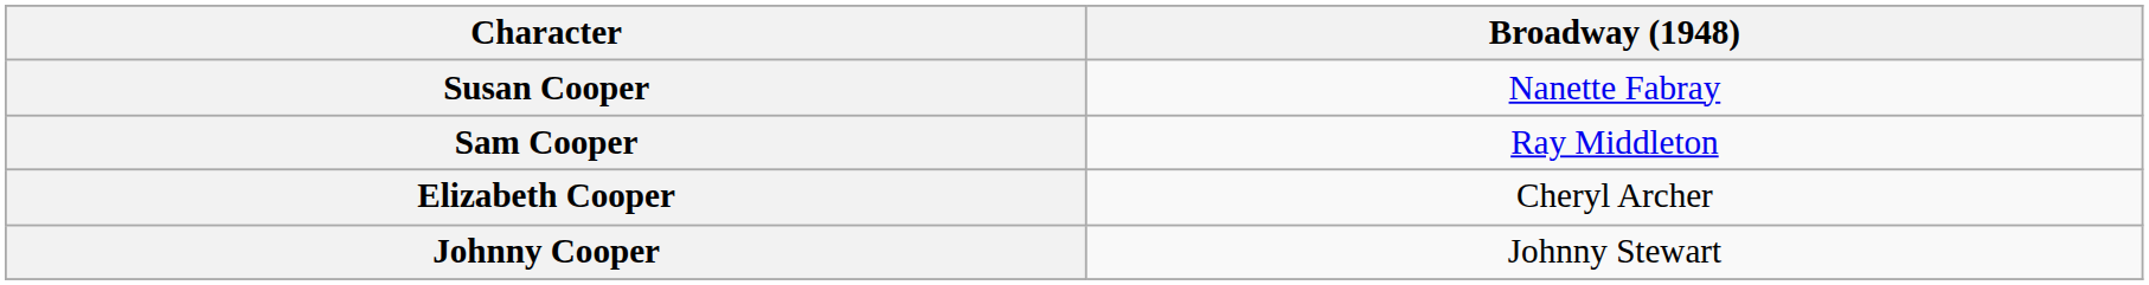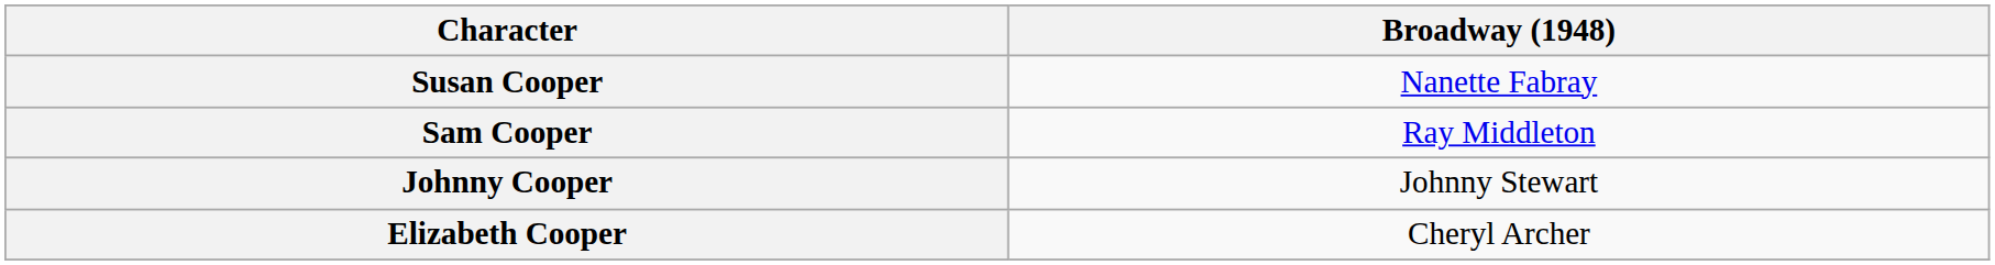 <table class="wikitable" style="width:50%; text-align:center">
 <tr>
 <th scope="col">Character</th>
 <th>Broadway (1948)</th>
 </tr>
 <tr>
 <th>Susan Cooper</th>
 <td colspan="1"><a href='#'>Nanette Fabray</a></td>
 </tr>
 <tr>
 <th>Sam Cooper</th>
 <td colspan="1”"><a href='#'>Ray Middleton</a></td>
 </tr>
 <tr>
+<th>Johnny Cooper</th>
+<td colspan="1">Johnny Stewart</td>
+</tr>
+<tr>
 <th>Elizabeth Cooper</th>
 <td colspan="1”">Cheryl Archer</td>
 </tr>
-<tr>
-<th>Johnny Cooper</th>
-<td colspan="1">Johnny Stewart</td>
-</tr>
 </table>
